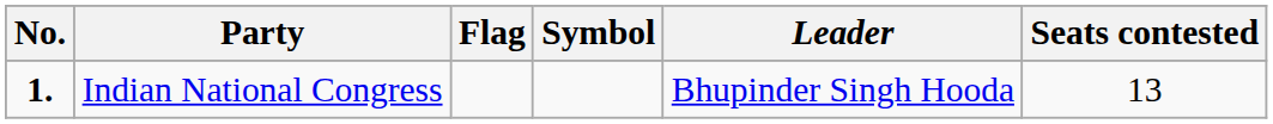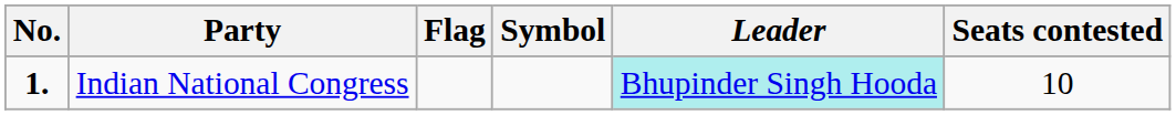 <table class="wikitable">
 <tr>
 <th>No.</th>
 <th>Party</th>
 <th><strong>Flag</strong></th>
 <th>Symbol</th>
 <th><em>Leader</em></th>
 <th>Seats contested</th>
 </tr>
 <tr>
 <td ! style="text-align:center; background:"><strong>1.</strong></td>
 <td style="text-align:center"><a href='#'>Indian National Congress</a></td>
 <td></td>
 <td></td>
-<td style="text-align:center"><a href='#'>Bhupinder Singh Hooda</a></td>
-<td style="text-align:center">13</td>
+<td style="background: paleturquoise; text-align:center"><a href='#'>Bhupinder Singh Hooda</a></td>
+<td style="text-align:center">10</td>
 </tr>
 </table>
